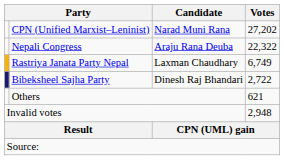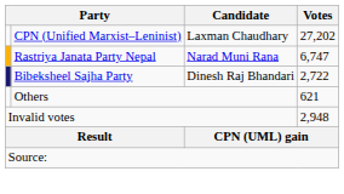 <table class="wikitable">
 <tr>
 <th colspan="2">Party</th>
 <th>Candidate</th>
 <th>Votes</th>
 </tr>
 <tr>
 <td style="background-color:"></td>
 <td><a href='#'>CPN (Unified Marxist–Leninist)</a></td>
-<td><a href='#'>Narad Muni Rana</a></td>
+<td>Laxman Chaudhary</td>
 <td>27,202</td>
-</tr>
-<tr>
-<td style="background-color:"></td>
-<td><a href='#'>Nepali Congress</a></td>
-<td><a href='#'>Araju Rana Deuba</a></td>
-<td>22,322</td>
 </tr>
 <tr>
 <td style="background-color:#ffb300"></td>
 <td><a href='#'>Rastriya Janata Party Nepal</a></td>
-<td>Laxman Chaudhary</td>
-<td>6,749</td>
+<td><a href='#'>Narad Muni Rana</a></td>
+<td>6,747</td>
 </tr>
 <tr>
 <td style="background-color:midnightblue"></td>
 <td><a href='#'>Bibeksheel Sajha Party</a></td>
 <td>Dinesh Raj Bhandari</td>
 <td>2,722</td>
 </tr>
 <tr>
 <td></td>
 <td colspan="2">Others</td>
 <td>621</td>
 </tr>
 <tr>
 <td colspan="3">Invalid votes</td>
 <td>2,948</td>
 </tr>
 <tr>
 <th colspan="2">Result</th>
 <th colspan="2">CPN (UML) gain</th>
 </tr>
 <tr>
 <td colspan="4">Source: </td>
 </tr>
 </table>
